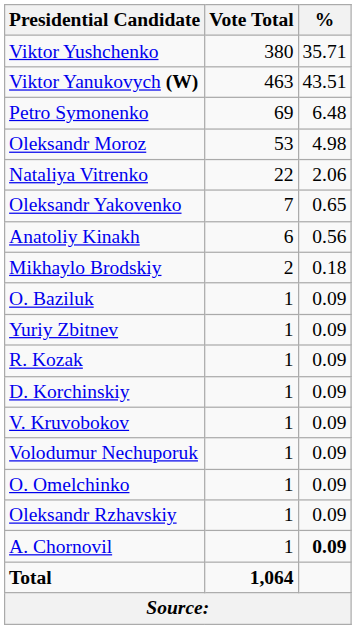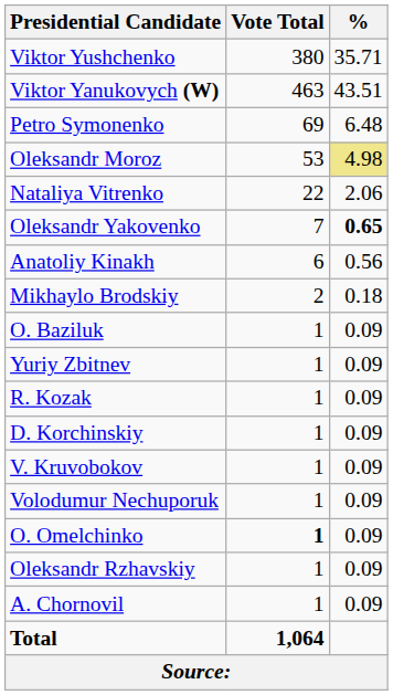 <table class="wikitable">
 <tr>
 <th>Presidential Candidate</th>
 <th>Vote Total</th>
 <th>%</th>
 </tr>
 <tr>
 <td><a href='#'>Viktor Yushchenko</a></td>
 <td align="right">380</td>
 <td align="right">35.71</td>
 </tr>
 <tr>
 <td><a href='#'>Viktor Yanukovych</a> <strong>(W)</strong></td>
 <td align="right">463</td>
 <td align="right">43.51</td>
 </tr>
 <tr>
 <td><a href='#'>Petro Symonenko</a></td>
 <td align="right">69</td>
 <td align="right">6.48</td>
 </tr>
 <tr>
 <td><a href='#'>Oleksandr Moroz</a></td>
 <td align="right">53</td>
-<td align="right">4.98</td>
+<td align="right" style="background: khaki;">4.98</td>
 </tr>
 <tr>
 <td><a href='#'>Nataliya Vitrenko</a></td>
 <td align="right">22</td>
 <td align="right">2.06</td>
 </tr>
 <tr>
 <td><a href='#'>Oleksandr Yakovenko</a></td>
 <td align="right">7</td>
-<td align="right">0.65</td>
+<td align="right"><strong>0.65</strong></td>
 </tr>
 <tr>
 <td><a href='#'>Anatoliy Kinakh</a></td>
 <td align="right">6</td>
 <td align="right">0.56</td>
 </tr>
 <tr>
 <td><a href='#'>Mikhaylo Brodskiy</a></td>
 <td align="right">2</td>
 <td align="right">0.18</td>
 </tr>
 <tr>
 <td><a href='#'>О. Baziluk</a></td>
 <td align="right">1</td>
 <td align="right">0.09</td>
 </tr>
 <tr>
 <td><a href='#'>Yuriy Zbitnev</a></td>
 <td align="right">1</td>
 <td align="right">0.09</td>
 </tr>
 <tr>
 <td><a href='#'>R. Kozak</a></td>
 <td align="right">1</td>
 <td align="right">0.09</td>
 </tr>
 <tr>
 <td><a href='#'>D. Korchinskiy</a></td>
 <td align="right">1</td>
 <td align="right">0.09</td>
 </tr>
 <tr>
 <td><a href='#'>V. Kruvobokov</a></td>
 <td align="right">1</td>
 <td align="right">0.09</td>
 </tr>
 <tr>
 <td><a href='#'>Volodumur Nechuporuk</a></td>
 <td align="right">1</td>
 <td align="right">0.09</td>
 </tr>
 <tr>
 <td><a href='#'>O. Omelchinko</a></td>
-<td align="right">1</td>
+<td align="right"><strong>1</strong></td>
 <td align="right">0.09</td>
 </tr>
 <tr>
 <td><a href='#'>Oleksandr Rzhavskiy</a></td>
 <td align="right">1</td>
 <td align="right">0.09</td>
 </tr>
 <tr>
 <td><a href='#'>A. Chornovil</a></td>
 <td align="right">1</td>
-<td align="right"><strong>0.09</strong></td>
+<td align="right">0.09</td>
 </tr>
 <tr>
 <td><strong>Total</strong></td>
 <td align="right"><strong>1,064</strong></td>
 <td></td>
 </tr>
 <tr>
 <th colspan="6"><em>Source: </em></th>
 </tr>
 </table>
